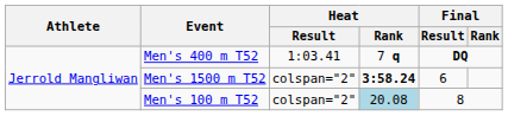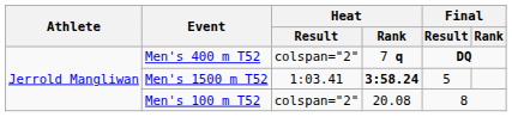 <table class="wikitable" style="font-size:90%">
 <tr>
 <th rowspan="2">Athlete</th>
 <th rowspan="2">Event</th>
 <th colspan="2">Heat</th>
 <th colspan="2">Final</th>
 </tr>
 <tr style="font-size:95%">
 <th>Result</th>
 <th>Rank</th>
 <th>Result</th>
 <th>Rank</th>
 </tr>
 <tr align=center>
 <td rowspan=3 align=left><a href='#'>Jerrold Mangliwan</a></td>
 <td align=left><a href='#'>Men's 400 m T52</a></td>
-<td>1:03.41</td>
+<td>colspan="2"</td>
 <td>7 <strong>q</strong></td>
 <td colspan="4"><strong>DQ</strong></td>
 </tr>
 <tr align=center>
 <td align=left><a href='#'>Men's 1500 m T52</a></td>
-<td>colspan="2"</td>
+<td>1:03.41</td>
 <td><strong>3:58.24</strong></td>
-<td>6</td>
+<td>5</td>
 </tr>
 <tr align=center>
 <td align=left><a href='#'>Men's 100 m T52</a></td>
 <td>colspan="2"</td>
-<td style="background: lightblue;">20.08</td>
+<td>20.08</td>
 <td colspan="4">8</td>
 </tr>
 </table>
